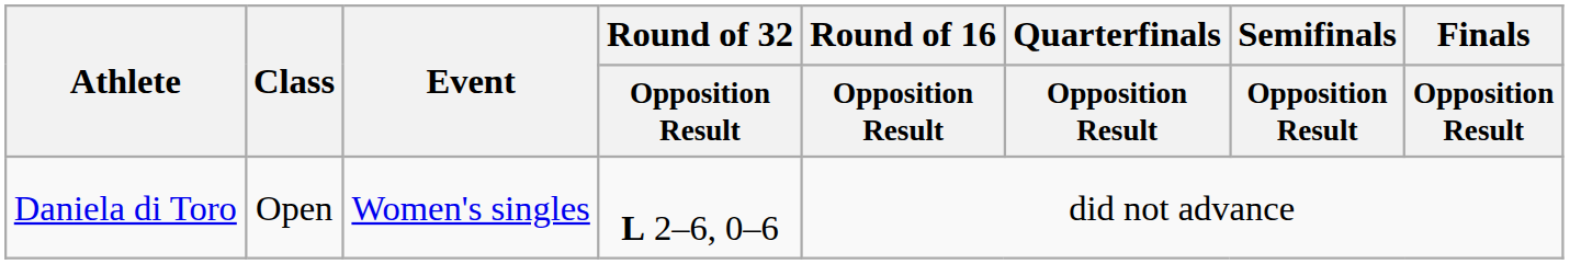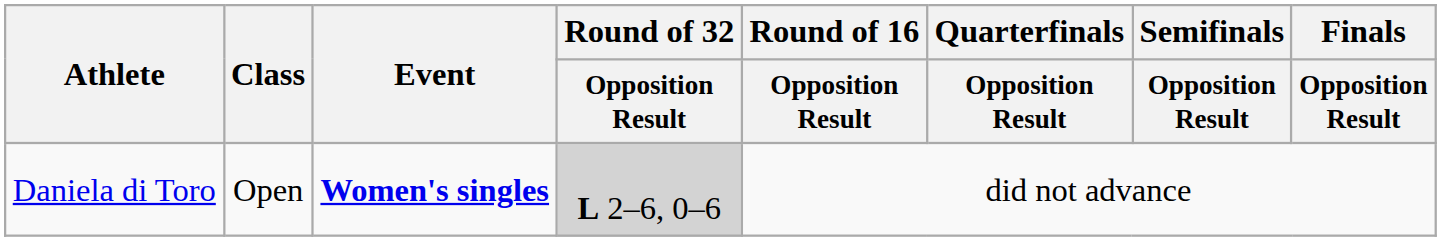 <table class=wikitable style="font-size:90%">
 <tr>
 <th rowspan="2">Athlete</th>
 <th rowspan="2">Class</th>
 <th rowspan="2">Event</th>
 <th>Round of 32</th>
 <th>Round of 16</th>
 <th>Quarterfinals</th>
 <th>Semifinals</th>
 <th>Finals</th>
 </tr>
 <tr>
 <th style="line-height:1em"><small>Opposition<br>Result</small></th>
 <th style="line-height:1em"><small>Opposition<br>Result</small></th>
 <th style="line-height:1em"><small>Opposition<br>Result</small></th>
 <th style="line-height:1em"><small>Opposition<br>Result</small></th>
 <th style="line-height:1em"><small>Opposition<br>Result</small></th>
 </tr>
 <tr>
 <td><a href='#'>Daniela di Toro</a></td>
 <td style="text-align:center;">Open</td>
-<td><a href='#'>Women's singles</a></td>
-<td style="text-align:center;"><br><strong>L</strong> 2–6, 0–6</td>
+<td><strong><a href='#'>Women's singles</a></strong></td>
+<td style="background: lightgrey; text-align:center;"><br><strong>L</strong> 2–6, 0–6</td>
 <td style="text-align:center;" colspan="4">did not advance</td>
 </tr>
 </table>
